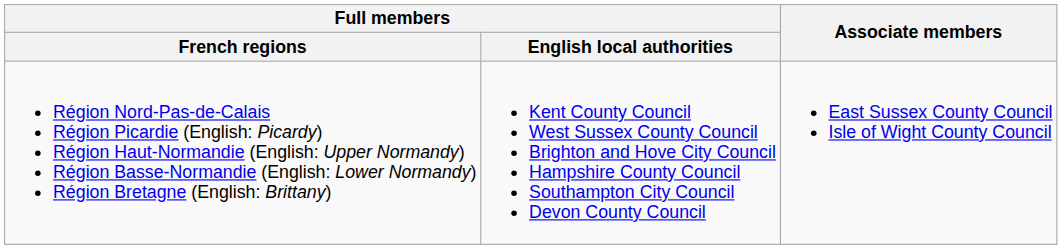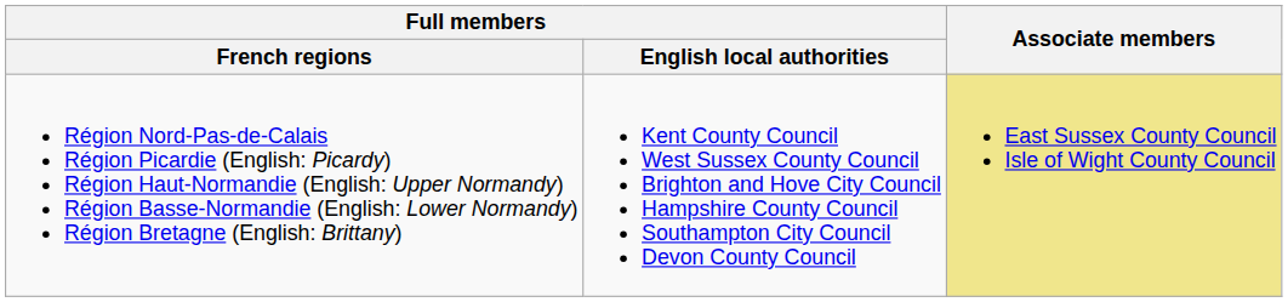 <table class="wikitable">
 <tr>
 <th colspan="2">Full members</th>
 <th rowspan="2">Associate members</th>
 </tr>
 <tr>
 <th>French regions</th>
 <th>English local authorities</th>
 </tr>
 <tr style="vertical-align: top;">
 <td><br><ul><li><a href='#'>Région Nord-Pas-de-Calais</a></li><li><a href='#'>Région Picardie</a> (English: <em>Picardy</em>)</li><li><a href='#'>Région Haut-Normandie</a> (English: <em>Upper Normandy</em>)</li><li><a href='#'>Région Basse-Normandie</a> (English: <em>Lower Normandy</em>)</li><li><a href='#'>Région Bretagne</a> (English: <em>Brittany</em>)</li></ul></td>
 <td><br><ul><li><a href='#'>Kent County Council</a></li><li><a href='#'>West Sussex County Council</a></li><li><a href='#'>Brighton and Hove City Council</a></li><li><a href='#'>Hampshire County Council</a></li><li><a href='#'>Southampton City Council</a></li><li><a href='#'>Devon County Council</a></li></ul></td>
-<td><br><ul><li><a href='#'>East Sussex County Council</a></li><li><a href='#'>Isle of Wight County Council</a></li></ul></td>
+<td style="background: khaki;"><br><ul><li><a href='#'>East Sussex County Council</a></li><li><a href='#'>Isle of Wight County Council</a></li></ul></td>
 </tr>
 </table>
